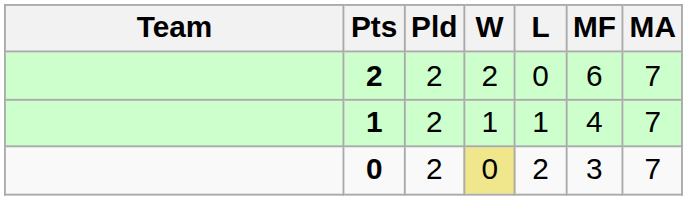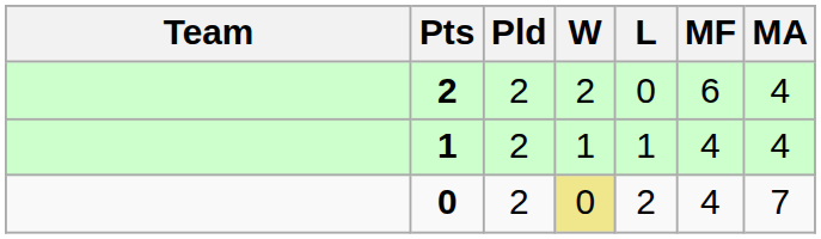 <table class=wikitable style="text-align:center">
 <tr>
 <th width=175>Team</th>
 <th width=20>Pts</th>
 <th width=20>Pld</th>
 <th width=20>W</th>
 <th width=20>L</th>
 <th width=20>MF</th>
 <th width=20>MA</th>
 </tr>
 <tr bgcolor=ccffcc>
 <td style="text-align:left"><strong></strong></td>
 <td><strong>2</strong></td>
 <td>2</td>
 <td>2</td>
 <td>0</td>
 <td>6</td>
-<td>7</td>
+<td>4</td>
 </tr>
 <tr bgcolor=ccffcc>
 <td style="text-align:left"><strong></strong></td>
 <td><strong>1</strong></td>
 <td>2</td>
 <td>1</td>
 <td>1</td>
 <td>4</td>
-<td>7</td>
+<td>4</td>
 </tr>
 <tr>
 <td style="text-align:left"></td>
 <td><strong>0</strong></td>
 <td>2</td>
 <td style="background: khaki;">0</td>
 <td>2</td>
-<td>3</td>
+<td>4</td>
 <td>7</td>
 </tr>
 </table>
